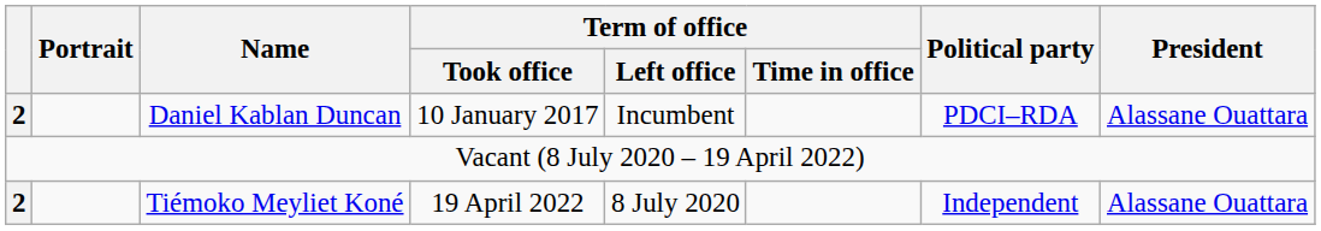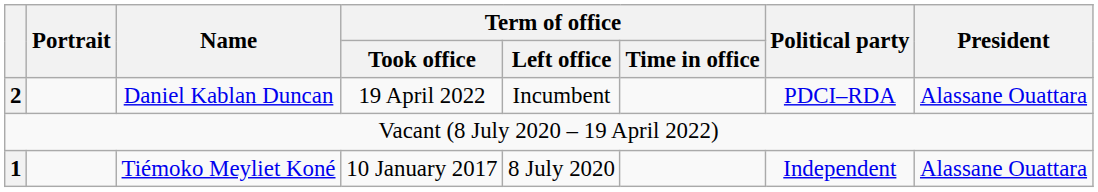 <table class="wikitable" style="text-align:center">
 <tr>
 <th rowspan="2"></th>
 <th rowspan="2">Portrait</th>
 <th rowspan="2" width="150">Name<br></th>
 <th colspan="3">Term of office</th>
 <th rowspan="2">Political party</th>
 <th rowspan="2">President</th>
 </tr>
 <tr>
 <th>Took office</th>
 <th>Left office</th>
 <th>Time in office</th>
 </tr>
 <tr>
 <th style="background-color:">2</th>
 <td></td>
 <td><a href='#'>Daniel Kablan Duncan</a><br></td>
-<td>10 January 2017</td>
+<td>19 April 2022</td>
 <td>Incumbent</td>
 <td></td>
 <td><a href='#'>PDCI–RDA</a></td>
 <td><a href='#'>Alassane Ouattara</a></td>
 </tr>
 <tr>
 <td colspan="8">Vacant (8 July 2020 – 19 April 2022)</td>
 </tr>
 <tr>
-<th style="background-color:">2</th>
+<th style="background-color:">1</th>
 <td></td>
 <td><a href='#'>Tiémoko Meyliet Koné</a><br></td>
-<td>19 April 2022</td>
+<td>10 January 2017</td>
 <td>8 July 2020</td>
 <td></td>
 <td><a href='#'>Independent</a></td>
 <td><a href='#'>Alassane Ouattara</a></td>
 </tr>
 </table>
